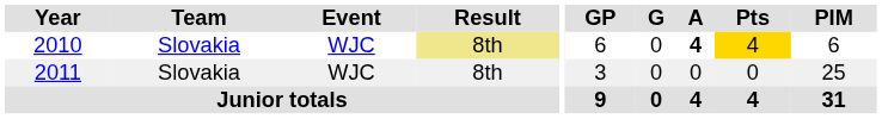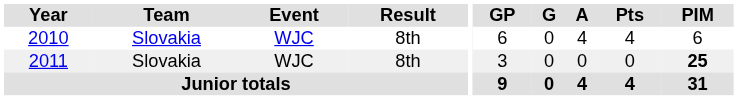 <table border="0" cellpadding="1" cellspacing="0" ID="Table3" style="text-align:center; width:40em">
 <tr ALIGN="center" bgcolor="#e0e0e0">
 <th>Year</th>
 <th>Team</th>
 <th>Event</th>
 <th>Result</th>
 <th rowspan="99" bgcolor="#ffffff"></th>
 <th>GP</th>
 <th>G</th>
 <th>A</th>
 <th>Pts</th>
 <th>PIM</th>
 </tr>
 <tr>
 <td><a href='#'>2010</a></td>
 <td><a href='#'>Slovakia</a></td>
 <td><a href='#'>WJC</a></td>
-<td style="background: khaki;">8th</td>
+<td>8th</td>
 <td>6</td>
 <td>0</td>
-<td><strong>4</strong></td>
-<td style="background: gold;">4</td>
+<td>4</td>
+<td>4</td>
 <td>6</td>
 </tr>
 <tr bgcolor="#f0f0f0">
 <td><a href='#'>2011</a></td>
 <td>Slovakia</td>
 <td>WJC</td>
 <td>8th</td>
 <td>3</td>
 <td>0</td>
 <td>0</td>
 <td>0</td>
-<td>25</td>
+<td><strong>25</strong></td>
 </tr>
 <tr bgcolor="#e0e0e0">
 <th colspan="4">Junior totals</th>
 <th>9</th>
 <th>0</th>
 <th>4</th>
 <th>4</th>
 <th>31</th>
 </tr>
 </table>
